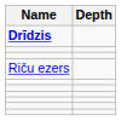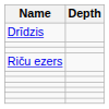 <table class="wikitable sortable">
 <tr>
 <th>Name</th>
 <th>Depth</th>
 </tr>
 <tr>
-<td><strong><a href='#'>Drīdzis</a></strong></td>
+<td><a href='#'>Drīdzis</a></td>
 <td></td>
 </tr>
 <tr>
 <td></td>
 <td></td>
 </tr>
 <tr>
 <td></td>
 <td></td>
 </tr>
 <tr>
 <td><a href='#'>Riču ezers</a></td>
 <td></td>
 </tr>
 <tr>
 <td></td>
 <td></td>
 </tr>
 <tr>
 <td></td>
 <td></td>
 </tr>
 <tr>
 <td></td>
 <td></td>
 </tr>
 <tr>
 <td></td>
 <td></td>
 </tr>
 <tr>
 <td></td>
 <td></td>
 </tr>
 <tr>
 <td></td>
 <td></td>
 </tr>
 </table>
